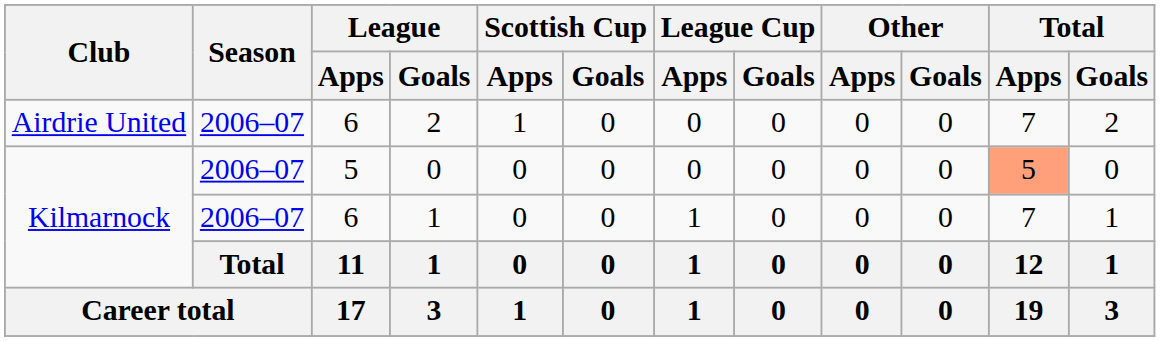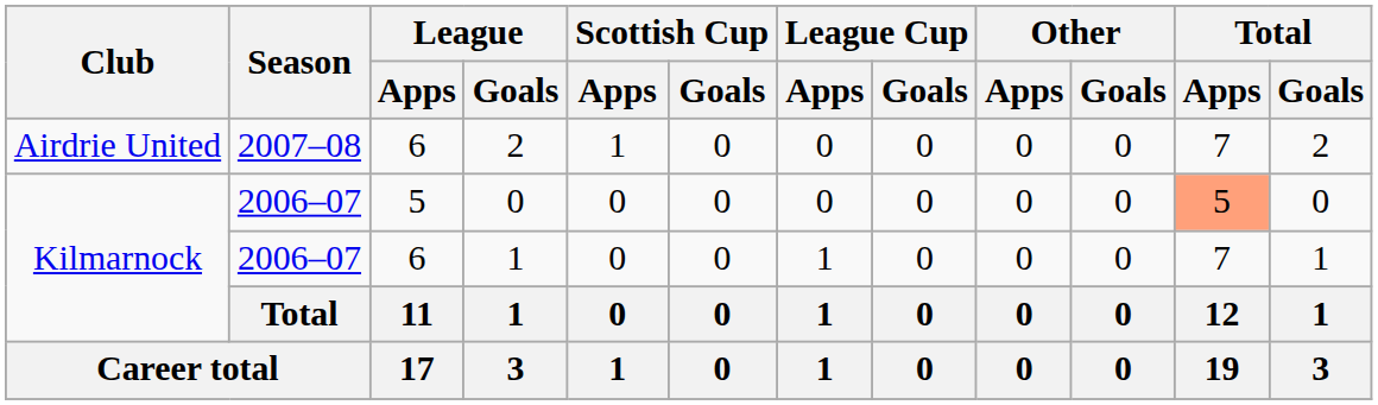 <table class="wikitable" style="text-align:center">
 <tr>
 <th rowspan="2">Club</th>
 <th rowspan="2">Season</th>
 <th colspan="2">League</th>
 <th colspan="2">Scottish Cup</th>
 <th colspan="2">League Cup</th>
 <th colspan="2">Other</th>
 <th colspan="2">Total</th>
 </tr>
 <tr>
 <th>Apps</th>
 <th>Goals</th>
 <th>Apps</th>
 <th>Goals</th>
 <th>Apps</th>
 <th>Goals</th>
 <th>Apps</th>
 <th>Goals</th>
 <th>Apps</th>
 <th>Goals</th>
 </tr>
 <tr>
 <td><a href='#'>Airdrie United</a></td>
-<td><a href='#'>2006–07</a></td>
+<td><a href='#'>2007–08</a></td>
 <td>6</td>
 <td>2</td>
 <td>1</td>
 <td>0</td>
 <td>0</td>
 <td>0</td>
 <td>0</td>
 <td>0</td>
 <td>7</td>
 <td>2</td>
 </tr>
 <tr>
 <td rowspan="3"><a href='#'>Kilmarnock</a></td>
 <td><a href='#'>2006–07</a></td>
 <td>5</td>
 <td>0</td>
 <td>0</td>
 <td>0</td>
 <td>0</td>
 <td>0</td>
 <td>0</td>
 <td>0</td>
 <td style="background: lightsalmon;">5</td>
 <td>0</td>
 </tr>
 <tr>
 <td><a href='#'>2006–07</a></td>
 <td>6</td>
 <td>1</td>
 <td>0</td>
 <td>0</td>
 <td>1</td>
 <td>0</td>
 <td>0</td>
 <td>0</td>
 <td>7</td>
 <td>1</td>
 </tr>
 <tr>
 <th>Total</th>
 <th>11</th>
 <th>1</th>
 <th>0</th>
 <th>0</th>
 <th>1</th>
 <th>0</th>
 <th>0</th>
 <th>0</th>
 <th>12</th>
 <th>1</th>
 </tr>
 <tr>
 <th colspan="2">Career total</th>
 <th>17</th>
 <th>3</th>
 <th>1</th>
 <th>0</th>
 <th>1</th>
 <th>0</th>
 <th>0</th>
 <th>0</th>
 <th>19</th>
 <th>3</th>
 </tr>
 </table>
